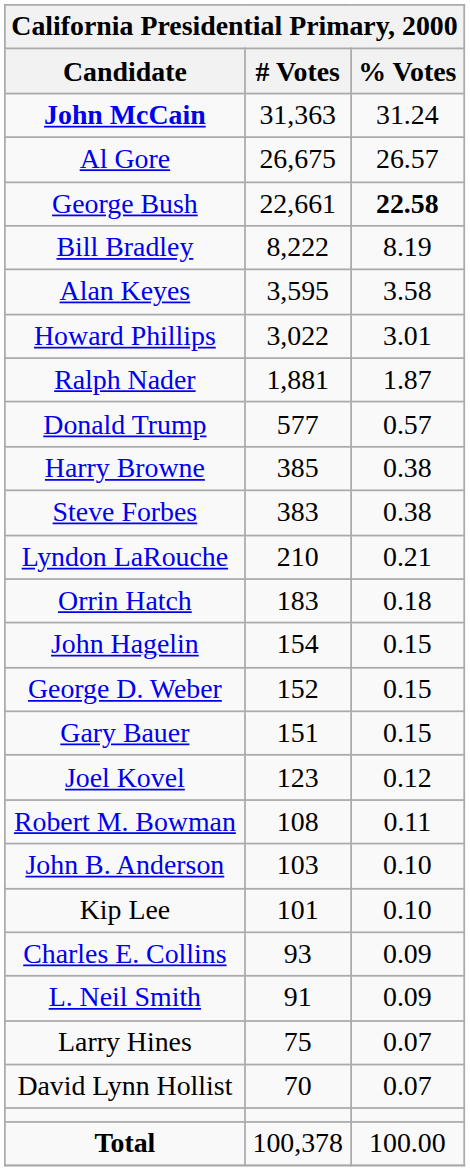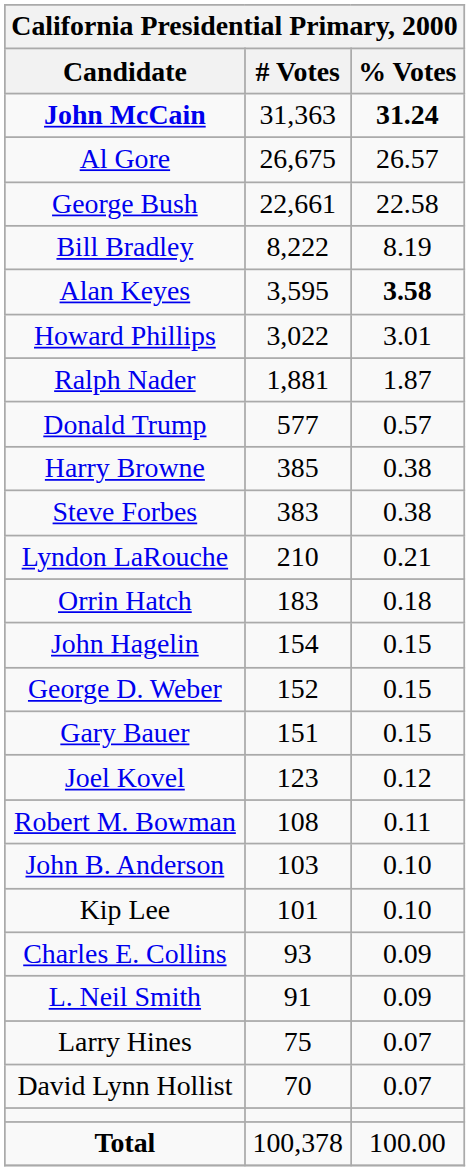 <table class=wikitable style="text-align:center;">
 <tr bgcolor=lightgrey>
 <th colspan="4">California Presidential Primary, 2000 </th>
 </tr>
 <tr bgcolor=lightgrey>
 <th>Candidate</th>
 <th># Votes</th>
 <th>% Votes</th>
 </tr>
 <tr>
 <td><strong><a href='#'>John McCain</a></strong></td>
 <td>31,363</td>
-<td>31.24</td>
+<td><strong>31.24</strong></td>
 </tr>
 <tr>
 <td><a href='#'>Al Gore</a></td>
 <td>26,675</td>
 <td>26.57</td>
 </tr>
 <tr>
 <td><a href='#'>George Bush</a></td>
 <td>22,661</td>
-<td><strong>22.58</strong></td>
+<td>22.58</td>
 </tr>
 <tr>
 <td><a href='#'>Bill Bradley</a></td>
 <td>8,222</td>
 <td>8.19</td>
 </tr>
 <tr>
 <td><a href='#'>Alan Keyes</a></td>
 <td>3,595</td>
-<td>3.58</td>
+<td><strong>3.58</strong></td>
 </tr>
 <tr>
 <td><a href='#'>Howard Phillips</a></td>
 <td>3,022</td>
 <td>3.01</td>
 </tr>
 <tr>
 <td><a href='#'>Ralph Nader</a></td>
 <td>1,881</td>
 <td>1.87</td>
 </tr>
 <tr>
 <td><a href='#'>Donald Trump</a></td>
 <td>577</td>
 <td>0.57</td>
 </tr>
 <tr>
 <td><a href='#'>Harry Browne</a></td>
 <td>385</td>
 <td>0.38</td>
 </tr>
 <tr>
 <td><a href='#'>Steve Forbes</a></td>
 <td>383</td>
 <td>0.38</td>
 </tr>
 <tr>
 <td><a href='#'>Lyndon LaRouche</a></td>
 <td>210</td>
 <td>0.21</td>
 </tr>
 <tr>
 <td><a href='#'>Orrin Hatch</a></td>
 <td>183</td>
 <td>0.18</td>
 </tr>
 <tr>
 <td><a href='#'>John Hagelin</a></td>
 <td>154</td>
 <td>0.15</td>
 </tr>
 <tr>
 <td><a href='#'>George D. Weber</a></td>
 <td>152</td>
 <td>0.15</td>
 </tr>
 <tr>
 <td><a href='#'>Gary Bauer</a></td>
 <td>151</td>
 <td>0.15</td>
 </tr>
 <tr>
 <td><a href='#'>Joel Kovel</a></td>
 <td>123</td>
 <td>0.12</td>
 </tr>
 <tr>
 <td><a href='#'>Robert M. Bowman</a></td>
 <td>108</td>
 <td>0.11</td>
 </tr>
 <tr>
 <td><a href='#'>John B. Anderson</a></td>
 <td>103</td>
 <td>0.10</td>
 </tr>
 <tr>
 <td>Kip Lee</td>
 <td>101</td>
 <td>0.10</td>
 </tr>
 <tr>
 <td><a href='#'>Charles E. Collins</a></td>
 <td>93</td>
 <td>0.09</td>
 </tr>
 <tr>
 <td><a href='#'>L. Neil Smith</a></td>
 <td>91</td>
 <td>0.09</td>
 </tr>
 <tr>
 <td>Larry Hines</td>
 <td>75</td>
 <td>0.07</td>
 </tr>
 <tr>
 <td>David Lynn Hollist</td>
 <td>70</td>
 <td>0.07</td>
 </tr>
 <tr>
 <td></td>
 <td></td>
 <td></td>
 </tr>
 <tr>
 <td><strong>Total</strong></td>
 <td>100,378</td>
 <td>100.00</td>
 </tr>
 <tr>
 </tr>
 </table>
